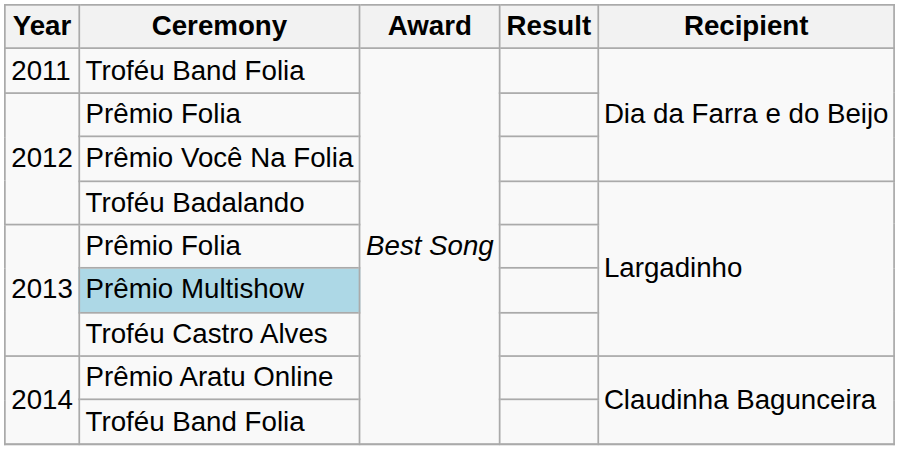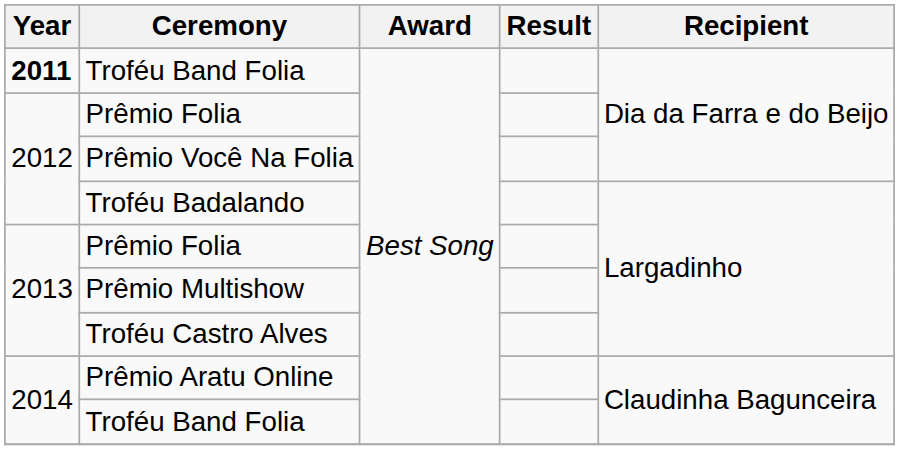 <table class="wikitable">
 <tr>
 <th>Year</th>
 <th>Ceremony</th>
 <th>Award</th>
 <th>Result</th>
 <th>Recipient</th>
 </tr>
 <tr>
-<td>2011</td>
+<td><strong>2011</strong></td>
 <td>Troféu Band Folia</td>
 <td rowspan="9"><em>Best Song</em></td>
 <td></td>
 <td rowspan="3">Dia da Farra e do Beijo</td>
 </tr>
 <tr>
 <td rowspan="3">2012</td>
 <td rowspan="1">Prêmio Folia</td>
 <td></td>
 </tr>
 <tr>
 <td>Prêmio Você Na Folia</td>
 <td></td>
 </tr>
 <tr>
 <td>Troféu Badalando</td>
 <td></td>
 <td rowspan="4">Largadinho</td>
 </tr>
 <tr>
 <td rowspan="3">2013</td>
 <td>Prêmio Folia</td>
 <td></td>
 </tr>
 <tr>
-<td style="background: lightblue;">Prêmio Multishow</td>
+<td>Prêmio Multishow</td>
 <td></td>
 </tr>
 <tr>
 <td>Troféu Castro Alves</td>
 <td></td>
 </tr>
 <tr>
 <td rowspan="2">2014</td>
 <td>Prêmio Aratu Online</td>
 <td></td>
 <td rowspan="2">Claudinha Bagunceira</td>
 </tr>
 <tr>
 <td>Troféu Band Folia</td>
 <td></td>
 </tr>
 <tr>
 </tr>
 </table>
